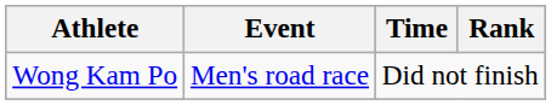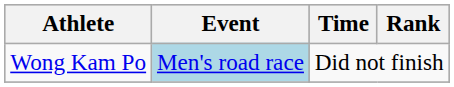 <table class=wikitable style="font-size:90%">
 <tr>
 <th>Athlete</th>
 <th>Event</th>
 <th>Time</th>
 <th>Rank</th>
 </tr>
 <tr align=center>
 <td align=left><a href='#'>Wong Kam Po</a></td>
-<td align=left><a href='#'>Men's road race</a></td>
+<td align=left style="background: lightblue;"><a href='#'>Men's road race</a></td>
 <td colspan=2>Did not finish</td>
 </tr>
 </table>
